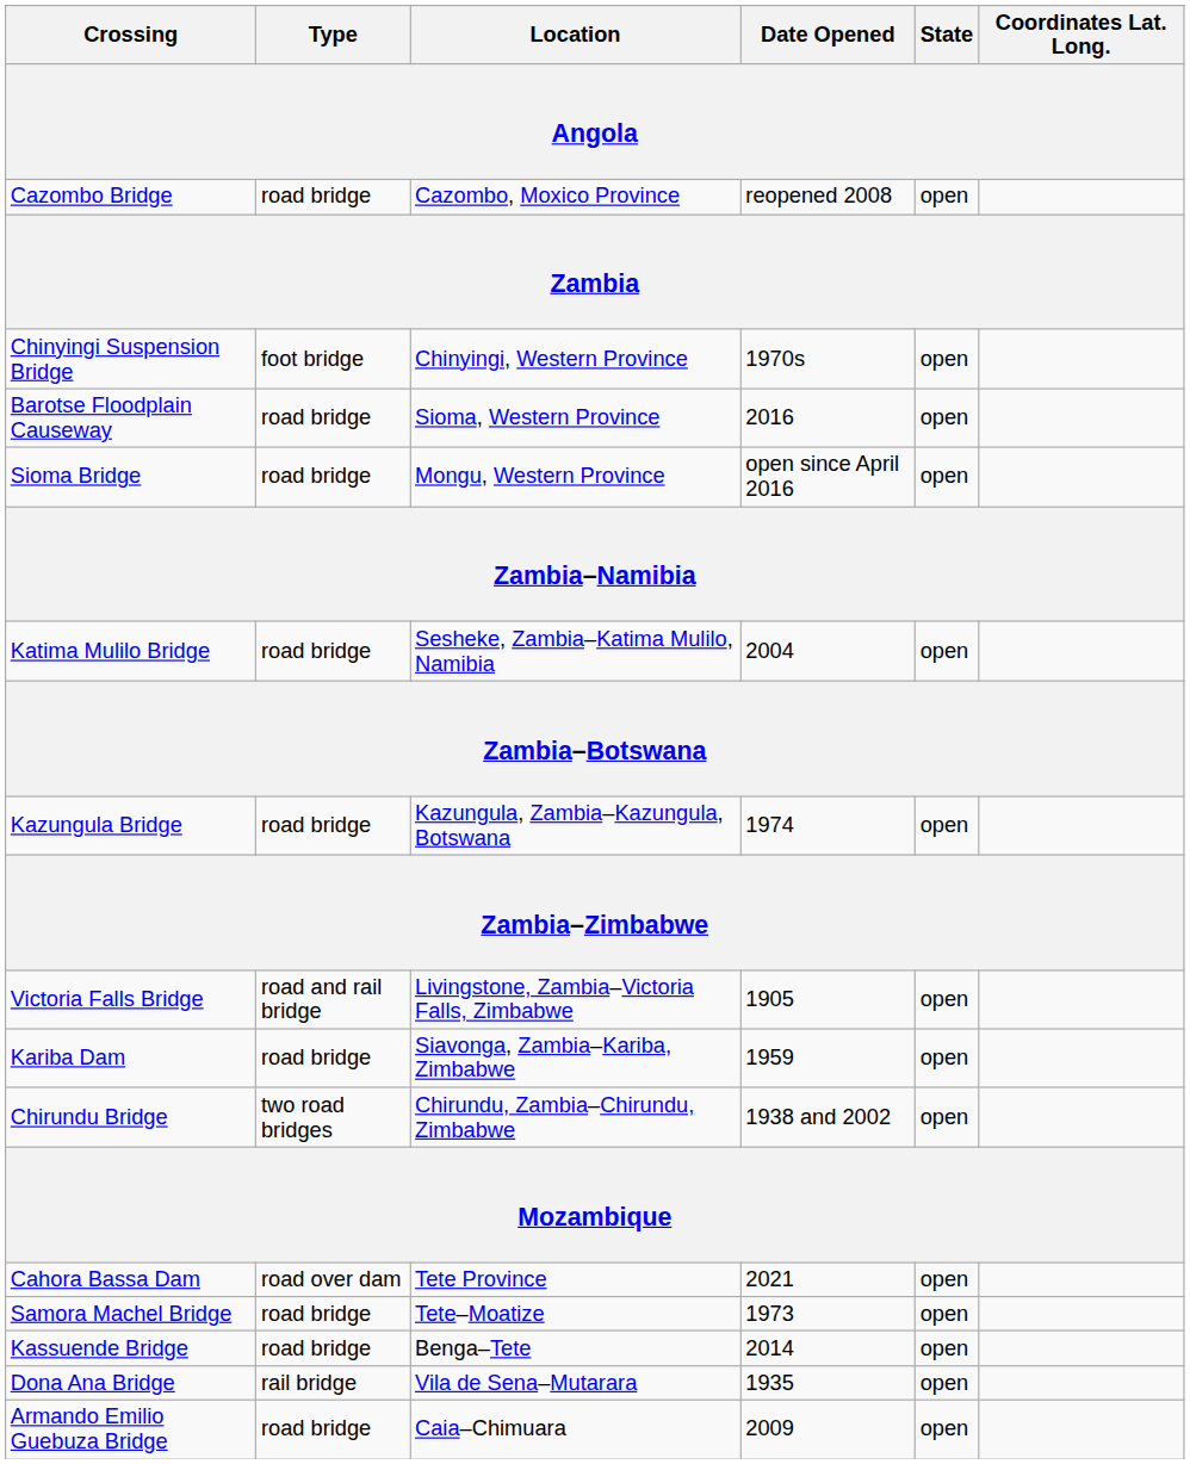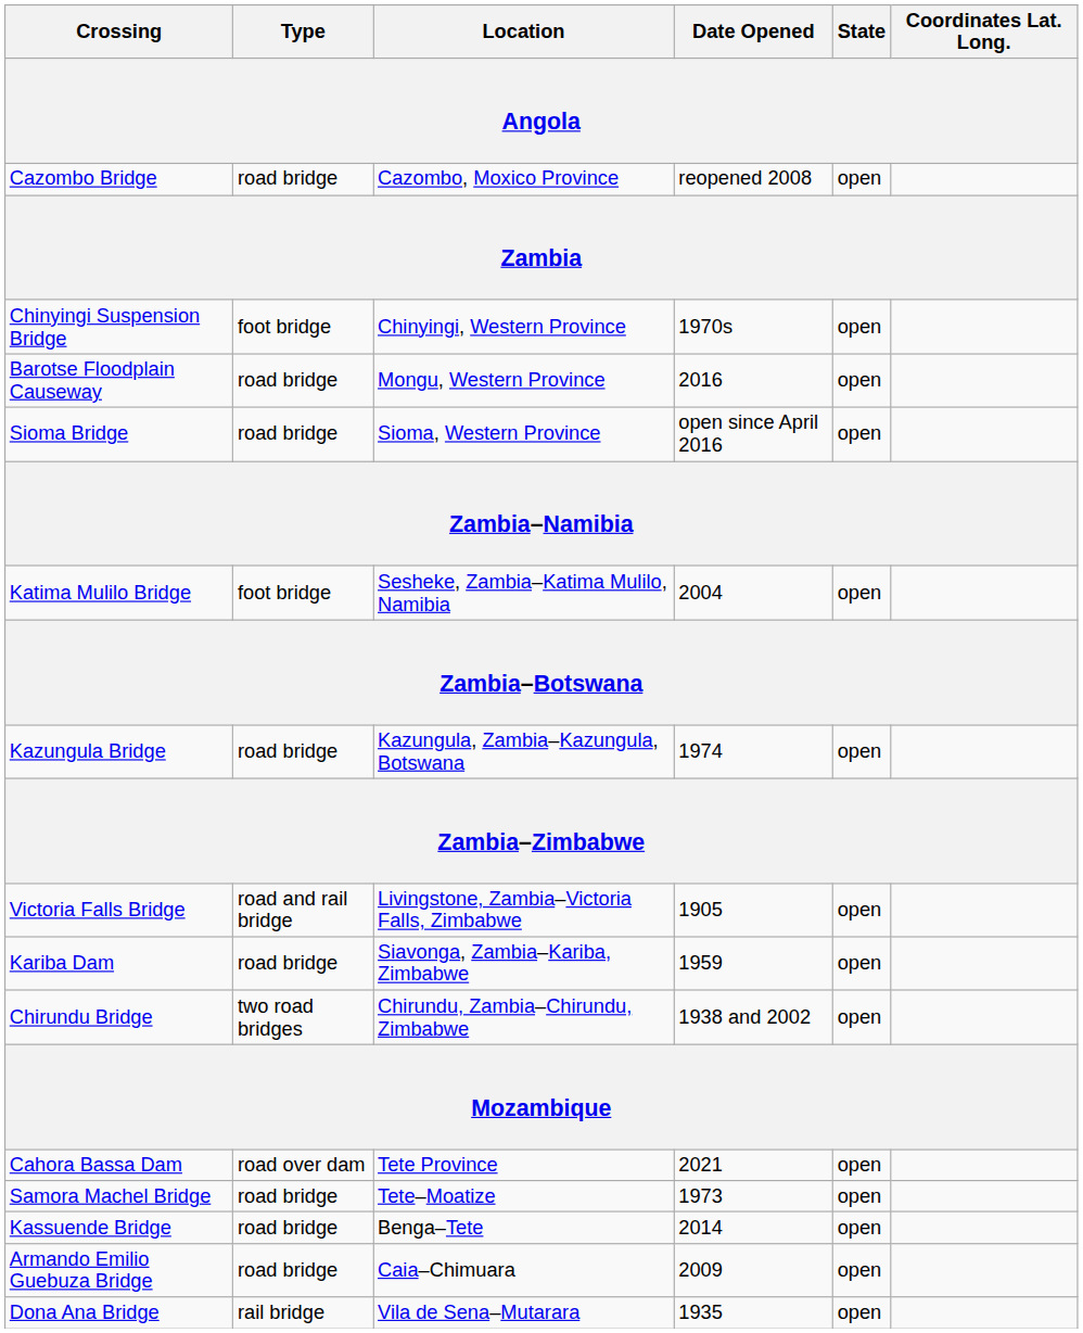 <table class="wikitable">
 <tr>
 <th>Crossing</th>
 <th>Type</th>
 <th>Location</th>
 <th>Date Opened</th>
 <th>State</th>
 <th>Coordinates Lat. Long.</th>
 </tr>
 <tr>
 <th colspan=6><br><h3><a href='#'>Angola</a></h3></th>
 </tr>
 <tr>
 <td><a href='#'>Cazombo Bridge</a></td>
 <td>road bridge</td>
 <td><a href='#'>Cazombo</a>, <a href='#'>Moxico Province</a></td>
 <td>reopened 2008</td>
 <td>open</td>
 <td></td>
 </tr>
 <tr>
 <th colspan=6><br><h3><a href='#'>Zambia</a></h3></th>
 </tr>
 <tr>
 <td><a href='#'>Chinyingi Suspension Bridge</a></td>
 <td>foot bridge</td>
 <td><a href='#'>Chinyingi</a>, <a href='#'>Western Province</a></td>
 <td>1970s</td>
 <td>open</td>
 <td></td>
 </tr>
 <tr>
 <td><a href='#'>Barotse Floodplain Causeway</a></td>
 <td>road bridge</td>
-<td><a href='#'>Sioma</a>, <a href='#'>Western Province</a></td>
+<td><a href='#'>Mongu</a>, <a href='#'>Western Province</a></td>
 <td>2016</td>
 <td>open</td>
 <td></td>
 </tr>
 <tr>
 <td><a href='#'>Sioma Bridge</a></td>
 <td>road bridge</td>
-<td><a href='#'>Mongu</a>, <a href='#'>Western Province</a></td>
+<td><a href='#'>Sioma</a>, <a href='#'>Western Province</a></td>
 <td>open since April 2016</td>
 <td>open</td>
 <td></td>
 </tr>
 <tr>
 <th colspan=6><br><h3><a href='#'>Zambia</a>–<a href='#'>Namibia</a></h3></th>
 </tr>
 <tr>
 <td><a href='#'>Katima Mulilo Bridge</a></td>
-<td>road bridge</td>
+<td>foot bridge</td>
 <td><a href='#'>Sesheke</a>, <a href='#'>Zambia</a>–<a href='#'>Katima Mulilo</a>, <a href='#'>Namibia</a></td>
 <td>2004</td>
 <td>open</td>
 <td></td>
 </tr>
 <tr>
 <th colspan=6><br><h3><a href='#'>Zambia</a>–<a href='#'>Botswana</a></h3></th>
 </tr>
 <tr>
 <td><a href='#'>Kazungula Bridge</a></td>
 <td>road bridge</td>
 <td><a href='#'>Kazungula</a>, <a href='#'>Zambia</a>–<a href='#'>Kazungula</a>, <a href='#'>Botswana</a></td>
 <td>1974</td>
 <td>open</td>
 <td></td>
 </tr>
 <tr>
 <th colspan=6><br><h3><a href='#'>Zambia</a>–<a href='#'>Zimbabwe</a></h3></th>
 </tr>
 <tr>
 <td><a href='#'>Victoria Falls Bridge</a></td>
 <td>road and rail bridge</td>
 <td><a href='#'>Livingstone, Zambia</a>–<a href='#'>Victoria Falls, Zimbabwe</a></td>
 <td>1905</td>
 <td>open</td>
 <td></td>
 </tr>
 <tr>
 <td><a href='#'>Kariba Dam</a></td>
 <td>road bridge</td>
 <td><a href='#'>Siavonga</a>, <a href='#'>Zambia</a>–<a href='#'>Kariba, Zimbabwe</a></td>
 <td>1959</td>
 <td>open</td>
 <td></td>
 </tr>
 <tr>
 <td><a href='#'>Chirundu Bridge</a></td>
 <td>two road bridges</td>
 <td><a href='#'>Chirundu, Zambia</a>–<a href='#'>Chirundu, Zimbabwe</a></td>
 <td>1938 and 2002</td>
 <td>open</td>
 <td></td>
 </tr>
 <tr>
 <th colspan=6><br><h3><a href='#'>Mozambique</a></h3></th>
 </tr>
 <tr>
 <td><a href='#'>Cahora Bassa Dam</a></td>
 <td>road over dam</td>
 <td><a href='#'>Tete Province</a></td>
 <td>2021<br></td>
 <td>open</td>
 <td></td>
 </tr>
 <tr>
 <td><a href='#'>Samora Machel Bridge</a></td>
 <td>road bridge</td>
 <td><a href='#'>Tete</a>–<a href='#'>Moatize</a></td>
 <td>1973</td>
 <td>open</td>
 <td></td>
 </tr>
 <tr>
 <td><a href='#'>Kassuende Bridge</a></td>
 <td>road bridge</td>
 <td>Benga–<a href='#'>Tete</a></td>
 <td>2014</td>
 <td>open</td>
 <td></td>
 </tr>
 <tr>
+<td><a href='#'>Armando Emilio Guebuza Bridge</a></td>
+<td>road bridge</td>
+<td><a href='#'>Caia</a>–Chimuara</td>
+<td>2009</td>
+<td>open</td>
+<td></td>
+</tr>
+<tr>
 <td><a href='#'>Dona Ana Bridge</a></td>
 <td>rail bridge</td>
 <td><a href='#'>Vila de Sena</a>–<a href='#'>Mutarara</a></td>
 <td>1935</td>
 <td>open</td>
 <td></td>
 </tr>
 <tr>
-<td><a href='#'>Armando Emilio Guebuza Bridge</a></td>
-<td>road bridge</td>
-<td><a href='#'>Caia</a>–Chimuara</td>
-<td>2009</td>
-<td>open</td>
-<td></td>
-</tr>
-<tr>
 </tr>
 </table>
